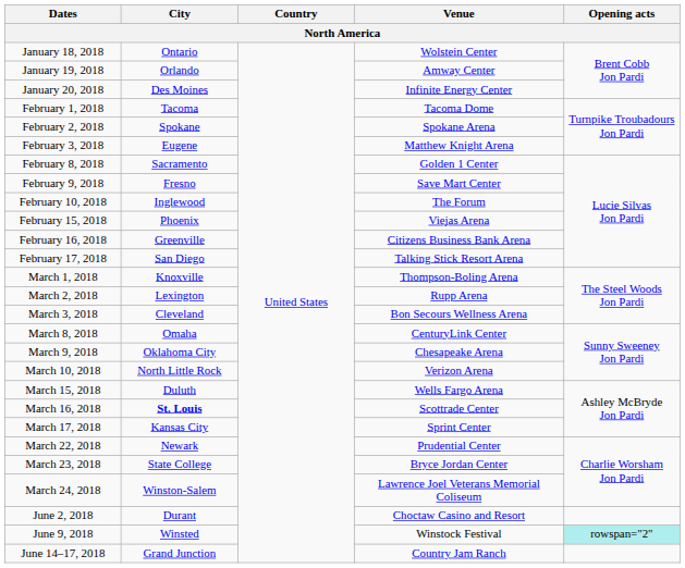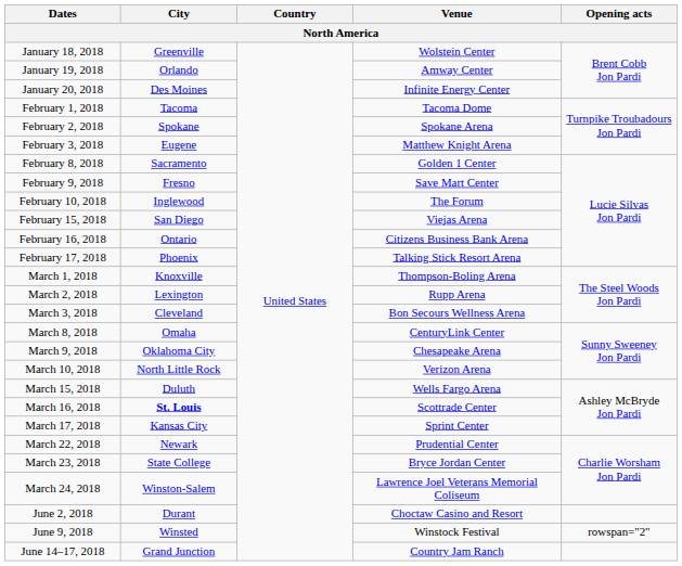 <table class="wikitable" style="text-align:center;">
 <tr>
 <th style="width:150px;">Dates</th>
 <th style="width:150px;">City</th>
 <th style="width:150px;">Country</th>
 <th style="width:275px;">Venue</th>
 <th style="width:150px;">Opening acts</th>
 </tr>
 <tr>
 <th colspan="5">North America</th>
 </tr>
 <tr>
 <td>January 18, 2018</td>
-<td><a href='#'>Ontario</a></td>
+<td><a href='#'>Greenville</a></td>
 <td rowspan="27"><a href='#'>United States</a></td>
 <td><a href='#'>Wolstein Center</a></td>
 <td rowspan="3"><a href='#'>Brent Cobb</a><br><a href='#'>Jon Pardi</a></td>
 </tr>
 <tr>
 <td>January 19, 2018</td>
 <td><a href='#'>Orlando</a></td>
 <td><a href='#'>Amway Center</a></td>
 </tr>
 <tr>
 <td>January 20, 2018</td>
 <td><a href='#'>Des Moines</a></td>
 <td><a href='#'>Infinite Energy Center</a></td>
 </tr>
 <tr>
 <td>February 1, 2018</td>
 <td><a href='#'>Tacoma</a></td>
 <td><a href='#'>Tacoma Dome</a></td>
 <td rowspan="3"><a href='#'>Turnpike Troubadours</a><br><a href='#'>Jon Pardi</a></td>
 </tr>
 <tr>
 <td>February 2, 2018</td>
 <td><a href='#'>Spokane</a></td>
 <td><a href='#'>Spokane Arena</a></td>
 </tr>
 <tr>
 <td>February 3, 2018</td>
 <td><a href='#'>Eugene</a></td>
 <td><a href='#'>Matthew Knight Arena</a></td>
 </tr>
 <tr>
 <td>February 8, 2018</td>
 <td><a href='#'>Sacramento</a></td>
 <td><a href='#'>Golden 1 Center</a></td>
 <td rowspan="6"><a href='#'>Lucie Silvas</a><br><a href='#'>Jon Pardi</a></td>
 </tr>
 <tr>
 <td>February 9, 2018</td>
 <td><a href='#'>Fresno</a></td>
 <td><a href='#'>Save Mart Center</a></td>
 </tr>
 <tr>
 <td>February 10, 2018</td>
 <td><a href='#'>Inglewood</a></td>
 <td><a href='#'>The Forum</a></td>
 </tr>
 <tr>
 <td>February 15, 2018</td>
-<td><a href='#'>Phoenix</a></td>
+<td><a href='#'>San Diego</a></td>
 <td><a href='#'>Viejas Arena</a></td>
 </tr>
 <tr>
 <td>February 16, 2018</td>
-<td><a href='#'>Greenville</a></td>
+<td><a href='#'>Ontario</a></td>
 <td><a href='#'>Citizens Business Bank Arena</a></td>
 </tr>
 <tr>
 <td>February 17, 2018</td>
-<td><a href='#'>San Diego</a></td>
+<td><a href='#'>Phoenix</a></td>
 <td><a href='#'>Talking Stick Resort Arena</a></td>
 </tr>
 <tr>
 <td>March 1, 2018</td>
 <td><a href='#'>Knoxville</a></td>
 <td><a href='#'>Thompson-Boling Arena</a></td>
 <td rowspan="3"><a href='#'>The Steel Woods</a><br><a href='#'>Jon Pardi</a></td>
 </tr>
 <tr>
 <td>March 2, 2018</td>
 <td><a href='#'>Lexington</a></td>
 <td><a href='#'>Rupp Arena</a></td>
 </tr>
 <tr>
 <td>March 3, 2018</td>
 <td><a href='#'>Cleveland</a></td>
 <td><a href='#'>Bon Secours Wellness Arena</a></td>
 </tr>
 <tr>
 <td>March 8, 2018</td>
 <td><a href='#'>Omaha</a></td>
 <td><a href='#'>CenturyLink Center</a></td>
 <td rowspan="3"><a href='#'>Sunny Sweeney</a><br><a href='#'>Jon Pardi</a></td>
 </tr>
 <tr>
 <td>March 9, 2018</td>
 <td><a href='#'>Oklahoma City</a></td>
 <td><a href='#'>Chesapeake Arena</a></td>
 </tr>
 <tr>
 <td>March 10, 2018</td>
 <td><a href='#'>North Little Rock</a></td>
 <td><a href='#'>Verizon Arena</a></td>
 </tr>
 <tr>
 <td>March 15, 2018</td>
 <td><a href='#'>Duluth</a></td>
 <td><a href='#'>Wells Fargo Arena</a></td>
 <td rowspan="3">Ashley McBryde<br><a href='#'>Jon Pardi</a></td>
 </tr>
 <tr>
 <td>March 16, 2018</td>
 <td><strong><a href='#'>St. Louis</a></strong></td>
 <td><a href='#'>Scottrade Center</a></td>
 </tr>
 <tr>
 <td>March 17, 2018</td>
 <td><a href='#'>Kansas City</a></td>
 <td><a href='#'>Sprint Center</a></td>
 </tr>
 <tr>
 <td>March 22, 2018</td>
 <td><a href='#'>Newark</a></td>
 <td><a href='#'>Prudential Center</a></td>
 <td rowspan="3"><a href='#'>Charlie Worsham</a><br><a href='#'>Jon Pardi</a></td>
 </tr>
 <tr>
 <td>March 23, 2018</td>
 <td><a href='#'>State College</a></td>
 <td><a href='#'>Bryce Jordan Center</a></td>
 </tr>
 <tr>
 <td>March 24, 2018</td>
 <td><a href='#'>Winston-Salem</a></td>
 <td><a href='#'>Lawrence Joel Veterans Memorial Coliseum</a></td>
 </tr>
 <tr>
 <td>June 2, 2018</td>
 <td><a href='#'>Durant</a></td>
 <td><a href='#'>Choctaw Casino and Resort</a></td>
 <td></td>
 </tr>
 <tr>
 <td>June 9, 2018</td>
 <td><a href='#'>Winsted</a></td>
 <td>Winstock Festival</td>
-<td style="background: paleturquoise;">rowspan="2" </td>
+<td>rowspan="2" </td>
 </tr>
 <tr>
 <td>June 14–17, 2018</td>
 <td><a href='#'>Grand Junction</a></td>
 <td><a href='#'>Country Jam Ranch</a></td>
 </tr>
 </table>
